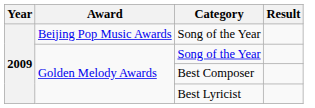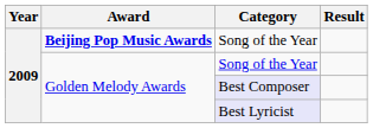 <table class="wikitable sortable plainrowheaders">
 <tr>
 <th class="unsortable">Year</th>
 <th>Award</th>
 <th>Category</th>
 <th>Result</th>
 </tr>
 <tr>
 <th rowspan="4" scope="row">2009</th>
-<td><a href='#'>Beijing Pop Music Awards</a></td>
+<td><strong><a href='#'>Beijing Pop Music Awards</a></strong></td>
 <td>Song of the Year</td>
 <td></td>
 </tr>
 <tr>
 <td rowspan="3"><a href='#'>Golden Melody Awards</a></td>
 <td><a href='#'>Song of the Year</a></td>
 <td></td>
 </tr>
 <tr>
-<td>Best Composer</td>
+<td style="background: lavender;">Best Composer</td>
 <td></td>
 </tr>
 <tr>
-<td>Best Lyricist</td>
+<td style="background: lavender;">Best Lyricist</td>
 <td></td>
 </tr>
 </table>
